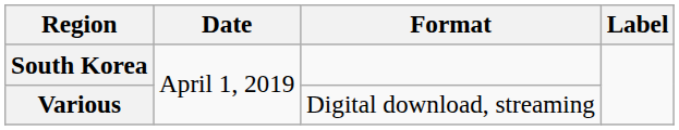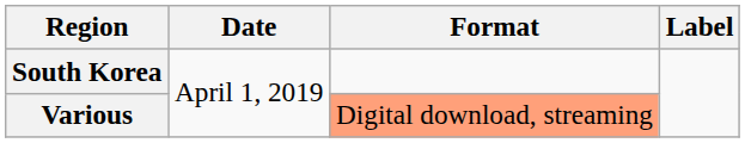 <table class="wikitable plainrowheaders">
 <tr>
 <th>Region</th>
 <th>Date</th>
 <th>Format</th>
 <th>Label</th>
 </tr>
 <tr>
 <th scope="row">South Korea</th>
 <td rowspan="2">April 1, 2019</td>
 <td></td>
 <td rowspan="2"></td>
 </tr>
 <tr>
 <th scope="row">Various</th>
-<td>Digital download, streaming</td>
+<td style="background: lightsalmon;">Digital download, streaming</td>
 </tr>
 </table>
